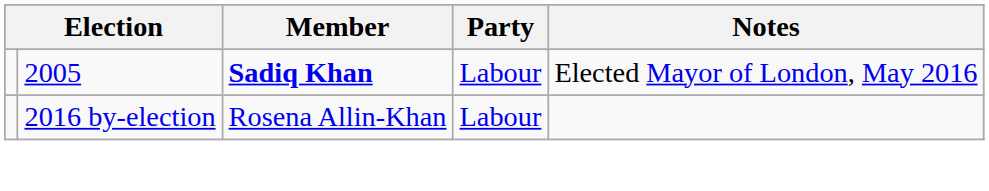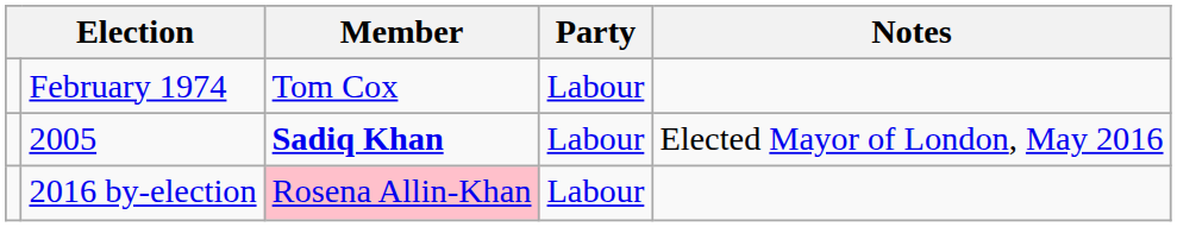 <table class="wikitable">
 <tr>
 <th colspan="2">Election</th>
 <th>Member</th>
 <th>Party</th>
 <th>Notes</th>
+</tr>
+<tr>
+<td style="color:inherit;background-color: "></td>
+<td><a href='#'>February 1974</a></td>
+<td><a href='#'>Tom Cox</a></td>
+<td><a href='#'>Labour</a></td>
+<td></td>
 </tr>
 <tr>
 <td style="color:inherit;background-color: "></td>
 <td><a href='#'>2005</a></td>
 <td><strong><a href='#'>Sadiq Khan</a></strong></td>
 <td><a href='#'>Labour</a></td>
 <td>Elected <a href='#'>Mayor of London</a>, <a href='#'>May 2016</a></td>
 </tr>
 <tr>
 <td style="color:inherit;background-color: "></td>
 <td><a href='#'>2016 by-election</a></td>
-<td><a href='#'>Rosena Allin-Khan</a></td>
+<td style="background: pink;"><a href='#'>Rosena Allin-Khan</a></td>
 <td><a href='#'>Labour</a></td>
 <td></td>
 </tr>
 </table>
